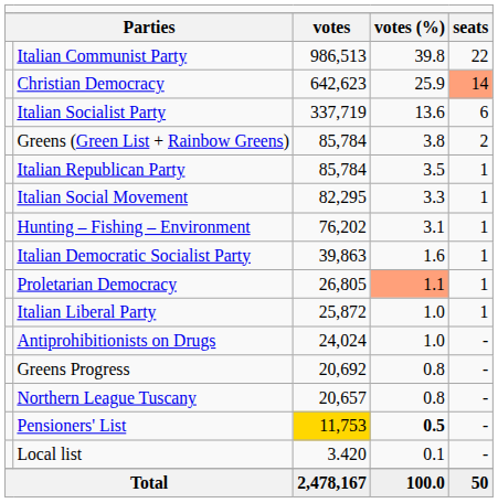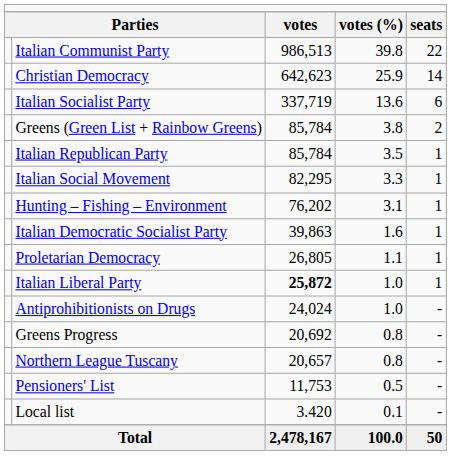 <table class="wikitable" style="font-size:95%">
 <tr>
 <td colspan=5 align=center></td>
 </tr>
 <tr>
 </tr>
 <tr bgcolor="EFEFEF">
 <th colspan=2>Parties</th>
 <th>votes</th>
 <th>votes (%)</th>
 <th>seats</th>
 </tr>
 <tr>
 <td bgcolor=></td>
 <td><a href='#'>Italian Communist Party</a></td>
 <td align=right>986,513</td>
 <td align=right>39.8</td>
 <td align=right>22</td>
 </tr>
 <tr>
 <td bgcolor=></td>
 <td><a href='#'>Christian Democracy</a></td>
 <td align=right>642,623</td>
 <td align=right>25.9</td>
-<td align=right style="background: lightsalmon;">14</td>
+<td align=right>14</td>
 </tr>
 <tr>
 <td bgcolor=></td>
 <td><a href='#'>Italian Socialist Party</a></td>
 <td align=right>337,719</td>
 <td align=right>13.6</td>
 <td align=right>6</td>
 </tr>
 <tr>
 <td bgcolor=></td>
 <td>Greens (<a href='#'>Green List</a> + <a href='#'>Rainbow Greens</a>)</td>
 <td align=right>85,784</td>
 <td align=right>3.8</td>
 <td align=right>2</td>
 </tr>
 <tr>
 <td bgcolor=></td>
 <td><a href='#'>Italian Republican Party</a></td>
 <td align=right>85,784</td>
 <td align=right>3.5</td>
 <td align=right>1</td>
 </tr>
 <tr>
 <td bgcolor=></td>
 <td><a href='#'>Italian Social Movement</a></td>
 <td align=right>82,295</td>
 <td align=right>3.3</td>
 <td align=right>1</td>
 </tr>
 <tr>
 <td bgcolor=></td>
 <td><a href='#'>Hunting – Fishing – Environment</a></td>
 <td align=right>76,202</td>
 <td align=right>3.1</td>
 <td align=right>1</td>
 </tr>
 <tr>
 <td bgcolor=></td>
 <td><a href='#'>Italian Democratic Socialist Party</a></td>
 <td align=right>39,863</td>
 <td align=right>1.6</td>
 <td align=right>1</td>
 </tr>
 <tr>
 <td bgcolor=></td>
 <td><a href='#'>Proletarian Democracy</a></td>
 <td align=right>26,805</td>
-<td align=right style="background: lightsalmon;">1.1</td>
+<td align=right>1.1</td>
 <td align=right>1</td>
 </tr>
 <tr>
 <td bgcolor=></td>
 <td><a href='#'>Italian Liberal Party</a></td>
-<td align=right>25,872</td>
+<td align=right><strong>25,872</strong></td>
 <td align=right>1.0</td>
 <td align=right>1</td>
 </tr>
 <tr>
 <td></td>
 <td><a href='#'>Antiprohibitionists on Drugs</a></td>
 <td align=right>24,024</td>
 <td align=right>1.0</td>
 <td align=right>-</td>
 </tr>
 <tr>
 <td></td>
 <td>Greens Progress</td>
 <td align=right>20,692</td>
 <td align=right>0.8</td>
 <td align=right>-</td>
 </tr>
 <tr>
 <td></td>
 <td><a href='#'>Northern League Tuscany</a></td>
 <td align=right>20,657</td>
 <td align=right>0.8</td>
 <td align=right>-</td>
 </tr>
 <tr>
 <td></td>
 <td><a href='#'>Pensioners' List</a></td>
-<td align=right style="background: gold;">11,753</td>
-<td align=right><strong>0.5</strong></td>
+<td align=right>11,753</td>
+<td align=right>0.5</td>
 <td align=right>-</td>
 </tr>
 <tr>
 <td></td>
 <td>Local list</td>
 <td align=right>3.420</td>
 <td align=right>0.1</td>
 <td align=right>-</td>
 </tr>
 <tr>
 </tr>
 <tr bgcolor="EFEFEF">
 <th colspan=2><strong>Total</strong></th>
 <td align=right><strong>2,478,167</strong></td>
 <td align=right><strong>100.0</strong></td>
 <td align=right><strong>50</strong></td>
 </tr>
 </table>
